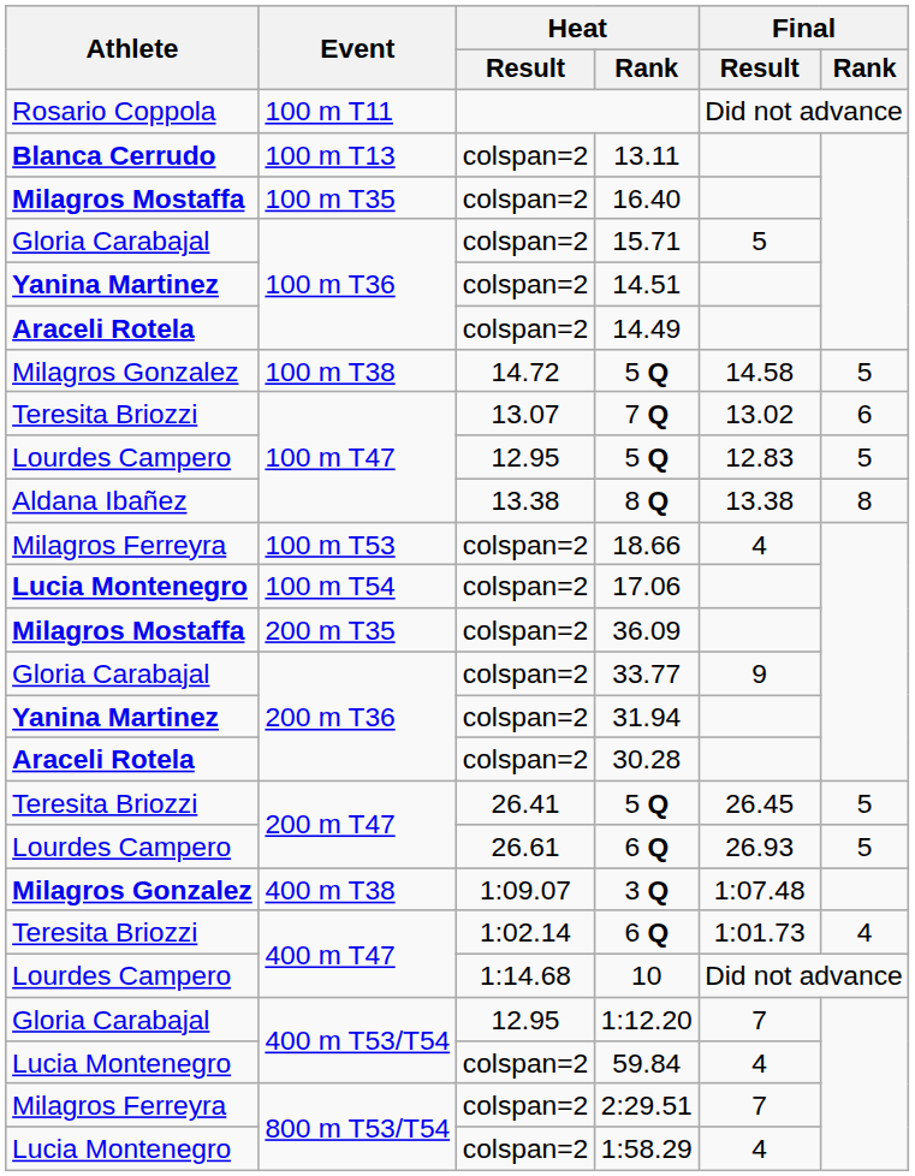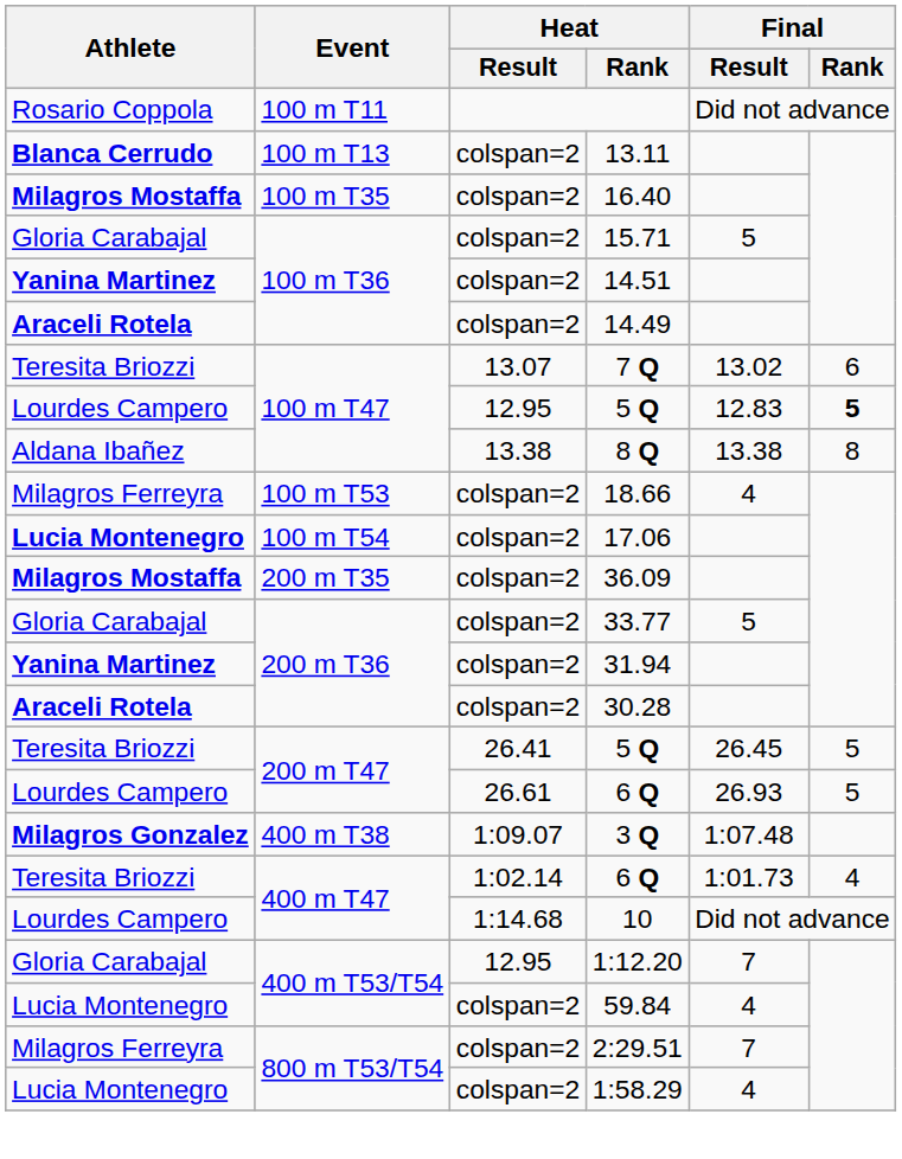 <table class="wikitable" style="font-size:90%">
 <tr>
 <th rowspan="2">Athlete</th>
 <th rowspan="2">Event</th>
 <th colspan="2">Heat</th>
 <th colspan="2">Final</th>
 </tr>
 <tr style="font-size:95%">
 <th>Result</th>
 <th>Rank</th>
 <th>Result</th>
 <th>Rank</th>
 </tr>
 <tr align=center>
 <td align=left><a href='#'>Rosario Coppola</a></td>
 <td align=left><a href='#'>100 m T11</a></td>
 <td colspan=2></td>
 <td colspan=2>Did not advance</td>
 </tr>
 <tr align=center>
 <td align=left><strong><a href='#'>Blanca Cerrudo</a></strong></td>
 <td align=left><a href='#'>100 m T13</a></td>
 <td>colspan=2 </td>
 <td>13.11</td>
 <td></td>
 </tr>
 <tr align=center>
 <td align=left><strong><a href='#'>Milagros Mostaffa</a></strong></td>
 <td align=left><a href='#'>100 m T35</a></td>
 <td>colspan=2 </td>
 <td>16.40</td>
 <td></td>
 </tr>
 <tr align=center>
 <td align=left><a href='#'>Gloria Carabajal</a></td>
 <td align=left rowspan=3><a href='#'>100 m T36</a></td>
 <td>colspan=2 </td>
 <td>15.71</td>
 <td>5</td>
 </tr>
 <tr align=center>
 <td align=left><strong><a href='#'>Yanina Martinez</a></strong></td>
 <td>colspan=2 </td>
 <td>14.51</td>
 <td></td>
 </tr>
 <tr align=center>
 <td align=left><strong><a href='#'>Araceli Rotela</a></strong></td>
 <td>colspan=2 </td>
 <td>14.49</td>
 <td></td>
 </tr>
 <tr align=center>
-<td align=left><a href='#'>Milagros Gonzalez</a></td>
-<td align=left><a href='#'>100 m T38</a></td>
-<td>14.72</td>
-<td>5 <strong>Q</strong></td>
-<td>14.58</td>
-<td>5</td>
-</tr>
-<tr align=center>
 <td align=left><a href='#'>Teresita Briozzi</a></td>
 <td align=left rowspan=3><a href='#'>100 m T47</a></td>
 <td>13.07</td>
 <td>7 <strong>Q</strong></td>
 <td>13.02</td>
 <td>6</td>
 </tr>
 <tr align=center>
 <td align=left><a href='#'>Lourdes Campero</a></td>
 <td>12.95</td>
 <td>5 <strong>Q</strong></td>
 <td>12.83</td>
-<td>5</td>
+<td><strong>5</strong></td>
 </tr>
 <tr align=center>
 <td align=left><a href='#'>Aldana Ibañez</a></td>
 <td>13.38</td>
 <td>8 <strong>Q</strong></td>
 <td>13.38</td>
 <td>8</td>
 </tr>
 <tr align=center>
 <td align=left><a href='#'>Milagros Ferreyra</a></td>
 <td align=left><a href='#'>100 m T53</a></td>
 <td>colspan=2 </td>
 <td>18.66</td>
 <td>4</td>
 </tr>
 <tr align=center>
 <td align=left><strong><a href='#'>Lucia Montenegro</a></strong></td>
 <td align=left><a href='#'>100 m T54</a></td>
 <td>colspan=2 </td>
 <td>17.06</td>
 <td></td>
 </tr>
 <tr align=center>
 <td align=left><strong><a href='#'>Milagros Mostaffa</a></strong></td>
 <td align=left><a href='#'>200 m T35</a></td>
 <td>colspan=2 </td>
 <td>36.09</td>
 <td></td>
 </tr>
 <tr align=center>
 <td align=left><a href='#'>Gloria Carabajal</a></td>
 <td align=left rowspan=3><a href='#'>200 m T36</a></td>
 <td>colspan=2 </td>
 <td>33.77</td>
-<td>9</td>
+<td>5</td>
 </tr>
 <tr align=center>
 <td align=left><strong><a href='#'>Yanina Martinez</a></strong></td>
 <td>colspan=2 </td>
 <td>31.94</td>
 <td></td>
 </tr>
 <tr align=center>
 <td align=left><strong><a href='#'>Araceli Rotela</a></strong></td>
 <td>colspan=2 </td>
 <td>30.28</td>
 <td></td>
 </tr>
 <tr align=center>
 <td align=left><a href='#'>Teresita Briozzi</a></td>
 <td align=left rowspan=2><a href='#'>200 m T47</a></td>
 <td>26.41</td>
 <td>5 <strong>Q</strong></td>
 <td>26.45</td>
 <td>5</td>
 </tr>
 <tr align=center>
 <td align=left><a href='#'>Lourdes Campero</a></td>
 <td>26.61</td>
 <td>6 <strong>Q</strong></td>
 <td>26.93</td>
 <td>5</td>
 </tr>
 <tr align=center>
 <td align=left><strong><a href='#'>Milagros Gonzalez</a></strong></td>
 <td align=left><a href='#'>400 m T38</a></td>
 <td>1:09.07</td>
 <td>3 <strong>Q</strong></td>
 <td>1:07.48</td>
 <td></td>
 </tr>
 <tr align=center>
 <td align=left><a href='#'>Teresita Briozzi</a></td>
 <td align=left rowspan=2><a href='#'>400 m T47</a></td>
 <td>1:02.14</td>
 <td>6 <strong>Q</strong></td>
 <td>1:01.73</td>
 <td>4</td>
 </tr>
 <tr align=center>
 <td align=left><a href='#'>Lourdes Campero</a></td>
 <td>1:14.68</td>
 <td>10</td>
 <td colspan="2">Did not advance</td>
 </tr>
 <tr align=center>
 <td align=left><a href='#'>Gloria Carabajal</a></td>
 <td align=left rowspan=2><a href='#'>400 m T53/T54</a></td>
 <td>12.95</td>
 <td>1:12.20</td>
 <td>7</td>
 </tr>
 <tr align=center>
 <td align=left><a href='#'>Lucia Montenegro</a></td>
 <td>colspan=2 </td>
 <td>59.84</td>
 <td>4</td>
 </tr>
 <tr align=center>
 <td align=left><a href='#'>Milagros Ferreyra</a></td>
 <td align=left rowspan=2><a href='#'>800 m T53/T54</a></td>
 <td>colspan=2 </td>
 <td>2:29.51</td>
 <td>7</td>
 </tr>
 <tr align=center>
 <td align=left><a href='#'>Lucia Montenegro</a></td>
 <td>colspan=2 </td>
 <td>1:58.29</td>
 <td>4</td>
 </tr>
 </table>
